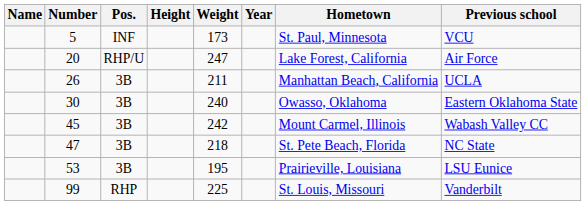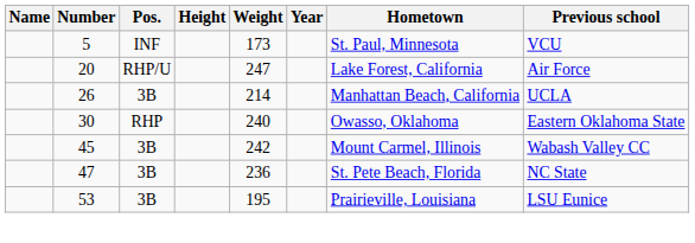 <table class="wikitable sortable sortable" style="text-align: center">
 <tr align=center>
 <th>Name</th>
 <th>Number</th>
 <th>Pos.</th>
 <th>Height</th>
 <th>Weight</th>
 <th>Year</th>
 <th>Hometown</th>
 <th>Previous school</th>
 </tr>
 <tr>
 <td></td>
 <td>5</td>
 <td>INF</td>
 <td></td>
 <td>173</td>
 <td></td>
 <td align="left"><a href='#'>St. Paul, Minnesota</a></td>
 <td align="left"><a href='#'>VCU</a></td>
 </tr>
 <tr>
 <td></td>
 <td>20</td>
 <td>RHP/U</td>
 <td></td>
 <td>247</td>
 <td></td>
 <td align="left"><a href='#'>Lake Forest, California</a></td>
 <td align="left"><a href='#'>Air Force</a></td>
 </tr>
 <tr>
 <td></td>
 <td>26</td>
 <td>3B</td>
 <td></td>
-<td>211</td>
+<td>214</td>
 <td></td>
 <td align="left"><a href='#'>Manhattan Beach, California</a></td>
 <td align="left"><a href='#'>UCLA</a></td>
 </tr>
 <tr>
 <td></td>
 <td>30</td>
-<td>3B</td>
+<td>RHP</td>
 <td></td>
 <td>240</td>
 <td></td>
 <td align="left"><a href='#'>Owasso, Oklahoma</a></td>
 <td align="left"><a href='#'>Eastern Oklahoma State</a></td>
 </tr>
 <tr>
 <td></td>
 <td>45</td>
 <td>3B</td>
 <td></td>
 <td>242</td>
 <td></td>
 <td align="left"><a href='#'>Mount Carmel, Illinois</a></td>
 <td align="left"><a href='#'>Wabash Valley CC</a></td>
 </tr>
 <tr>
 <td></td>
 <td>47</td>
 <td>3B</td>
 <td></td>
-<td>218</td>
+<td>236</td>
 <td></td>
 <td align="left"><a href='#'>St. Pete Beach, Florida</a></td>
 <td align="left"><a href='#'>NC State</a></td>
 </tr>
 <tr>
 <td></td>
 <td>53</td>
 <td>3B</td>
 <td></td>
 <td>195</td>
 <td></td>
 <td align="left"><a href='#'>Prairieville, Louisiana</a></td>
 <td align="left"><a href='#'>LSU Eunice</a></td>
 </tr>
-<tr>
-<td></td>
-<td>99</td>
-<td>RHP</td>
-<td></td>
-<td>225</td>
-<td></td>
-<td align="left"><a href='#'>St. Louis, Missouri</a></td>
-<td align="left"><a href='#'>Vanderbilt</a></td>
-</tr>
 </table>
